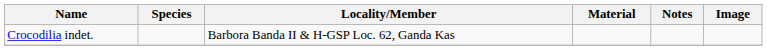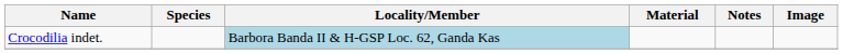 <table class="wikitable" align="center" width="75%">
 <tr>
 <th>Name</th>
 <th>Species</th>
 <th>Locality/Member</th>
 <th>Material</th>
 <th>Notes</th>
 <th>Image</th>
 </tr>
 <tr>
 <td><a href='#'>Crocodilia</a> indet.</td>
 <td></td>
-<td>Barbora Banda II & H-GSP Loc. 62, Ganda Kas</td>
+<td style="background: lightblue;">Barbora Banda II & H-GSP Loc. 62, Ganda Kas</td>
 <td></td>
 <td></td>
 <td></td>
 </tr>
 <tr>
 </tr>
 </table>
